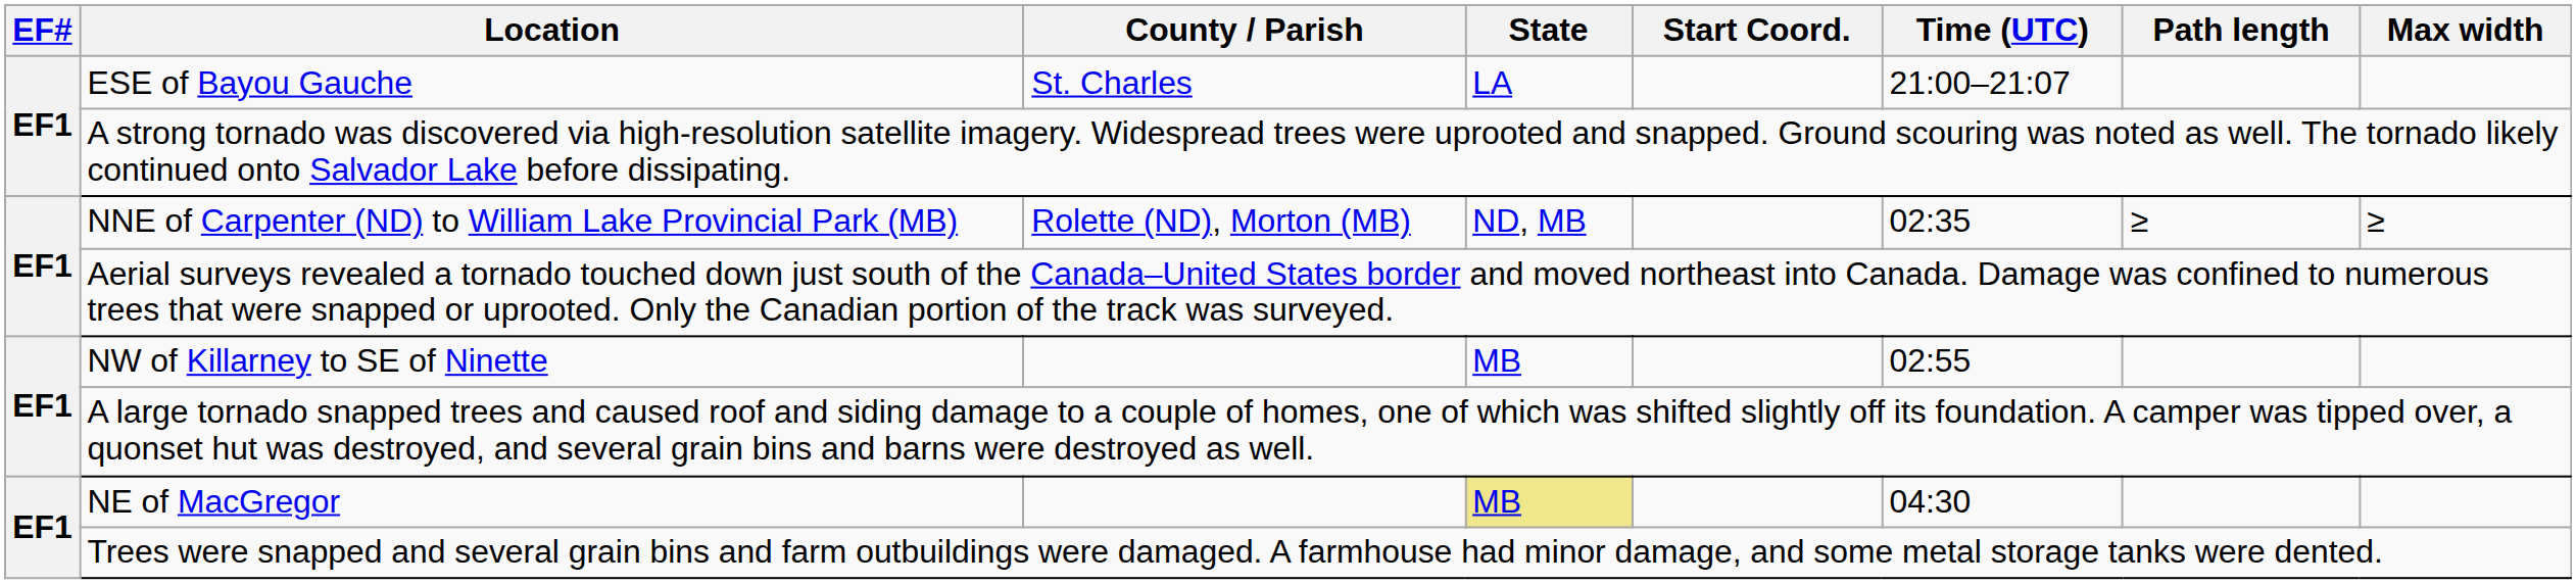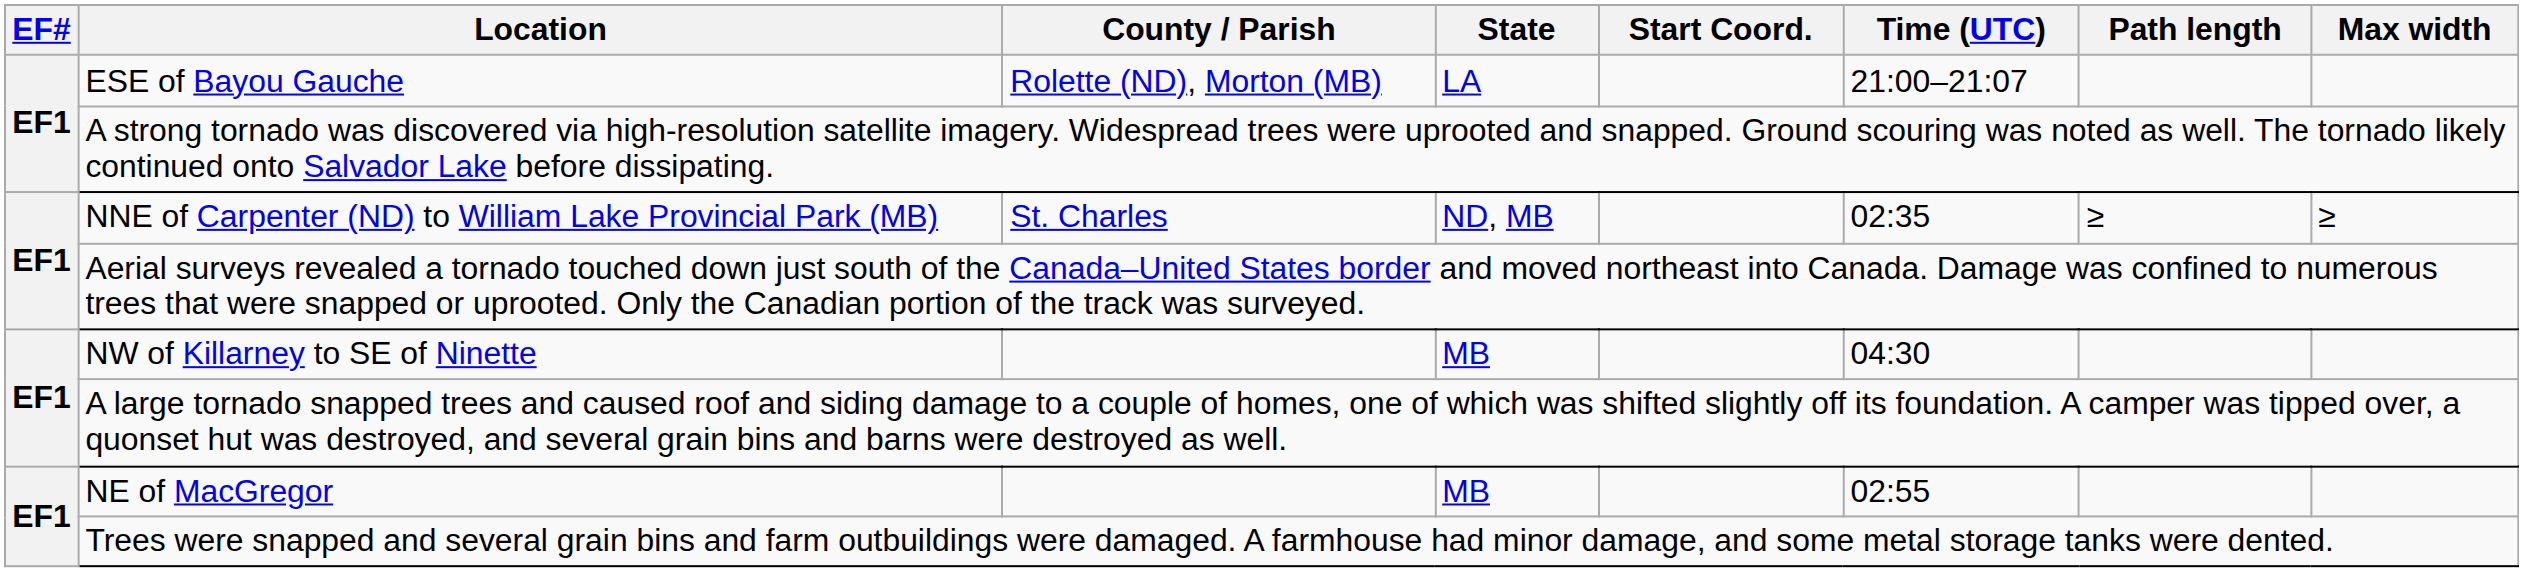 <table class="wikitable sortable" style="width:100%;">
 <tr>
 <th scope="col" width="2%" align="center"><a href='#'>EF#</a></th>
 <th scope="col" align="center" class="unsortable">Location</th>
 <th scope="col" align="center" class="unsortable">County / Parish</th>
 <th scope="col" align="center">State</th>
 <th scope="col" align="center">Start Coord.</th>
 <th scope="col" align="center">Time (<a href='#'>UTC</a>)</th>
 <th scope="col" align="center">Path length</th>
 <th scope="col" align="center">Max width</th>
 </tr>
 <tr>
 <th scope="row" rowspan="2" style="background-color:#">EF1</th>
 <td>ESE of <a href='#'>Bayou Gauche</a></td>
-<td><a href='#'>St. Charles</a></td>
+<td><a href='#'>Rolette (ND)</a>, <a href='#'>Morton (MB)</a></td>
 <td><a href='#'>LA</a></td>
 <td></td>
 <td>21:00–21:07</td>
 <td></td>
 <td></td>
 </tr>
 <tr class="expand-child">
 <td colspan="7" style=" border-bottom: 1px solid black;">A strong tornado was discovered via high-resolution satellite imagery. Widespread trees were uprooted and snapped. Ground scouring was noted as well. The tornado likely continued onto <a href='#'>Salvador Lake</a> before dissipating.</td>
 </tr>
 <tr>
 <th scope="row" rowspan="2" style="background-color:#">EF1</th>
 <td>NNE of <a href='#'>Carpenter (ND)</a> to <a href='#'>William Lake Provincial Park (MB)</a></td>
-<td><a href='#'>Rolette (ND)</a>, <a href='#'>Morton (MB)</a></td>
+<td><a href='#'>St. Charles</a></td>
 <td><a href='#'>ND</a>, <a href='#'>MB</a></td>
 <td></td>
 <td>02:35</td>
 <td>≥</td>
 <td>≥</td>
 </tr>
 <tr class="expand-child">
 <td colspan="7" style=" border-bottom: 1px solid black;">Aerial surveys revealed a tornado touched down just south of the <a href='#'>Canada–United States border</a> and moved northeast into Canada. Damage was confined to numerous trees that were snapped or uprooted. Only the Canadian portion of the track was surveyed.</td>
 </tr>
 <tr>
 <th scope="row" rowspan="2" style="background-color:#">EF1</th>
 <td>NW of <a href='#'>Killarney</a> to SE of <a href='#'>Ninette</a></td>
 <td></td>
 <td><a href='#'>MB</a></td>
 <td></td>
-<td>02:55</td>
+<td>04:30</td>
 <td></td>
 <td></td>
 </tr>
 <tr class="expand-child">
 <td colspan="7" style=" border-bottom: 1px solid black;">A large tornado snapped trees and caused roof and siding damage to a couple of homes, one of which was shifted slightly off its foundation. A camper was tipped over, a quonset hut was destroyed, and several grain bins and barns were destroyed as well.</td>
 </tr>
 <tr>
 <th scope="row" rowspan="2" style="background-color:#">EF1</th>
 <td>NE of <a href='#'>MacGregor</a></td>
 <td></td>
-<td style="background: khaki;"><a href='#'>MB</a></td>
+<td><a href='#'>MB</a></td>
 <td></td>
-<td>04:30</td>
+<td>02:55</td>
 <td></td>
 <td></td>
 </tr>
 <tr class="expand-child">
 <td colspan="7" style=" border-bottom: 1px solid black;">Trees were snapped and several grain bins and farm outbuildings were damaged. A farmhouse had minor damage, and some metal storage tanks were dented.</td>
 </tr>
 </table>
